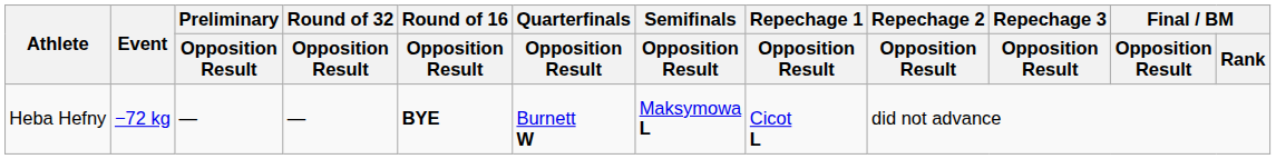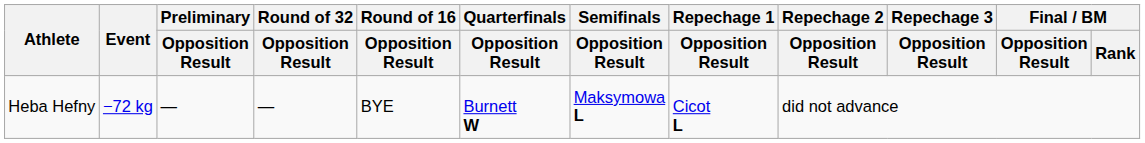 <table class="wikitable">
 <tr>
 <th rowspan="2">Athlete</th>
 <th rowspan="2">Event</th>
 <th>Preliminary</th>
 <th>Round of 32</th>
 <th>Round of 16</th>
 <th>Quarterfinals</th>
 <th>Semifinals</th>
 <th>Repechage 1</th>
 <th>Repechage 2</th>
 <th>Repechage 3</th>
 <th colspan="2">Final / <abbr>BM</abbr></th>
 </tr>
 <tr>
 <th>Opposition<br>Result</th>
 <th>Opposition<br>Result</th>
 <th>Opposition<br>Result</th>
 <th>Opposition<br>Result</th>
 <th>Opposition<br>Result</th>
 <th>Opposition<br>Result</th>
 <th>Opposition<br>Result</th>
 <th>Opposition<br>Result</th>
 <th>Opposition<br>Result</th>
 <th>Rank</th>
 </tr>
 <tr>
 <td>Heba Hefny</td>
 <td><a href='#'>−72 kg</a></td>
 <td>—</td>
 <td>—</td>
-<td><strong>BYE</strong></td>
+<td>BYE</td>
 <td><br><a href='#'>Burnett</a><br><strong>W</strong></td>
 <td><a href='#'>Maksymowa</a><br><strong>L</strong></td>
 <td><br><a href='#'>Cicot</a><br><strong>L</strong></td>
 <td colspan="5">did not advance</td>
 </tr>
 </table>
